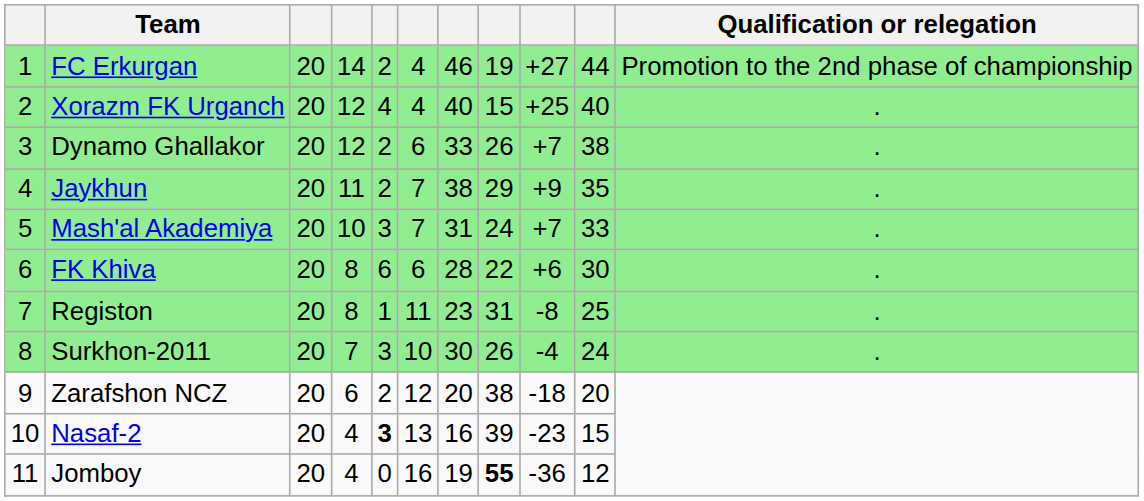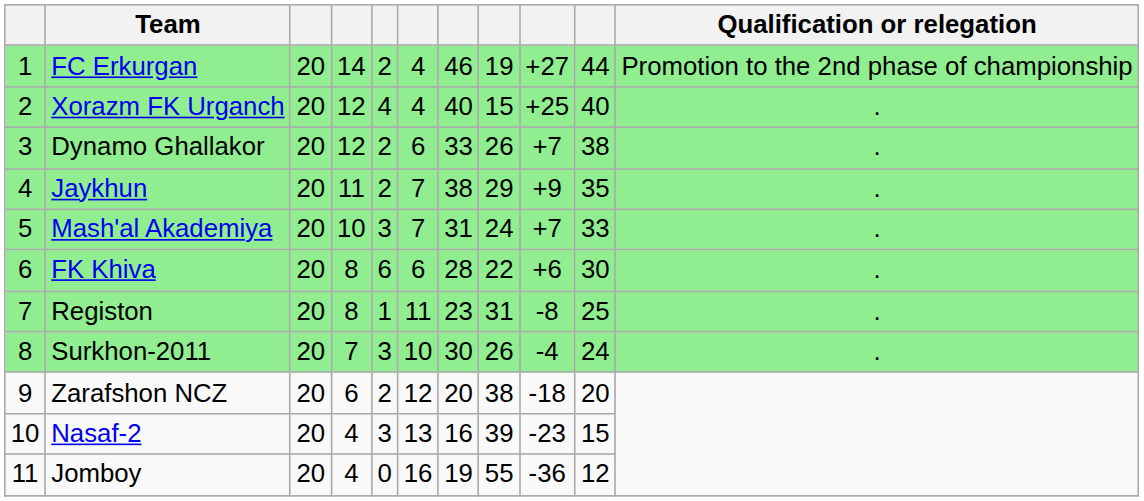 <table class="wikitable sortable" style="text-align:center; font-size:100%;">
 <tr>
 <th></th>
 <th>Team</th>
 <th></th>
 <th></th>
 <th></th>
 <th></th>
 <th></th>
 <th></th>
 <th></th>
 <th></th>
 <th>Qualification or relegation</th>
 </tr>
 <tr align="center" bgcolor="#90EE90">
 <td>1</td>
 <td align="left"><a href='#'>FC Erkurgan</a></td>
 <td>20</td>
 <td>14</td>
 <td>2</td>
 <td>4</td>
 <td>46</td>
 <td>19</td>
 <td>+27</td>
 <td>44</td>
 <td>Promotion to the 2nd phase of championship</td>
 </tr>
 <tr align="center" bgcolor="#90EE90">
 <td>2</td>
 <td align="left"><a href='#'>Xorazm FK Urganch</a></td>
 <td>20</td>
 <td>12</td>
 <td>4</td>
 <td>4</td>
 <td>40</td>
 <td>15</td>
 <td>+25</td>
 <td>40</td>
 <td>.</td>
 </tr>
 <tr align="center" bgcolor="#90EE90">
 <td>3</td>
 <td align="left">Dynamo Ghallakor</td>
 <td>20</td>
 <td>12</td>
 <td>2</td>
 <td>6</td>
 <td>33</td>
 <td>26</td>
 <td>+7</td>
 <td>38</td>
 <td>.</td>
 </tr>
 <tr align="center" bgcolor="#90EE90">
 <td>4</td>
 <td align="left"><a href='#'>Jaykhun</a></td>
 <td>20</td>
 <td>11</td>
 <td>2</td>
 <td>7</td>
 <td>38</td>
 <td>29</td>
 <td>+9</td>
 <td>35</td>
 <td>.</td>
 </tr>
 <tr align="center" bgcolor="#90EE90">
 <td>5</td>
 <td align="left"><a href='#'>Mash'al Akademiya</a></td>
 <td>20</td>
 <td>10</td>
 <td>3</td>
 <td>7</td>
 <td>31</td>
 <td>24</td>
 <td>+7</td>
 <td>33</td>
 <td>.</td>
 </tr>
 <tr align="center" bgcolor="#90EE90">
 <td>6</td>
 <td align="left"><a href='#'>FK Khiva</a></td>
 <td>20</td>
 <td>8</td>
 <td>6</td>
 <td>6</td>
 <td>28</td>
 <td>22</td>
 <td>+6</td>
 <td>30</td>
 <td>.</td>
 </tr>
 <tr align="center" bgcolor="#90EE90">
 <td>7</td>
 <td align="left">Registon</td>
 <td>20</td>
 <td>8</td>
 <td>1</td>
 <td>11</td>
 <td>23</td>
 <td>31</td>
 <td>-8</td>
 <td>25</td>
 <td>.</td>
 </tr>
 <tr align="center" bgcolor="#90EE90">
 <td>8</td>
 <td align="left">Surkhon-2011</td>
 <td>20</td>
 <td>7</td>
 <td>3</td>
 <td>10</td>
 <td>30</td>
 <td>26</td>
 <td>-4</td>
 <td>24</td>
 <td>.</td>
 </tr>
 <tr align="center" bgcolor="">
 <td>9</td>
 <td align="left">Zarafshon NCZ</td>
 <td>20</td>
 <td>6</td>
 <td>2</td>
 <td>12</td>
 <td>20</td>
 <td>38</td>
 <td>-18</td>
 <td>20</td>
 </tr>
 <tr align="center" bgcolor="">
 <td>10</td>
 <td align="left"><a href='#'>Nasaf-2</a></td>
 <td>20</td>
 <td>4</td>
-<td><strong>3</strong></td>
+<td>3</td>
 <td>13</td>
 <td>16</td>
 <td>39</td>
 <td>-23</td>
 <td>15</td>
 </tr>
 <tr align="center" bgcolor="">
 <td>11</td>
 <td align="left">Jomboy</td>
 <td>20</td>
 <td>4</td>
 <td>0</td>
 <td>16</td>
 <td>19</td>
-<td><strong>55</strong></td>
+<td>55</td>
 <td>-36</td>
 <td>12</td>
 </tr>
 </table>
